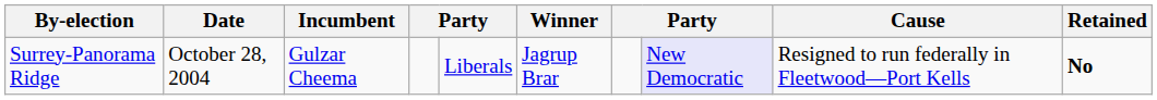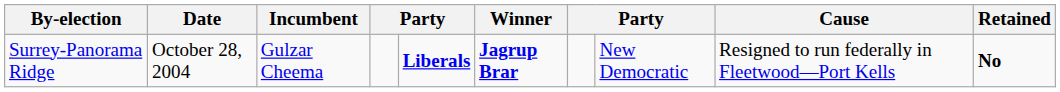 <table class=wikitable style="width:100%">
 <tr>
 <th>By-election</th>
 <th>Date</th>
 <th>Incumbent</th>
 <th colspan=2>Party</th>
 <th>Winner</th>
 <th colspan=2>Party</th>
 <th>Cause</th>
 <th>Retained</th>
 </tr>
 <tr>
 <td><a href='#'>Surrey-Panorama Ridge</a></td>
 <td>October 28, 2004</td>
 <td><a href='#'>Gulzar Cheema</a></td>
 <td>    </td>
-<td><a href='#'>Liberals</a></td>
-<td><a href='#'>Jagrup Brar</a></td>
+<td><strong><a href='#'>Liberals</a></strong></td>
+<td><strong><a href='#'>Jagrup Brar</a></strong></td>
 <td>    </td>
-<td style="background: lavender;"><a href='#'>New Democratic</a></td>
+<td><a href='#'>New Democratic</a></td>
 <td>Resigned to run federally in <a href='#'>Fleetwood—Port Kells</a></td>
 <td><strong>No</strong></td>
 </tr>
 </table>
